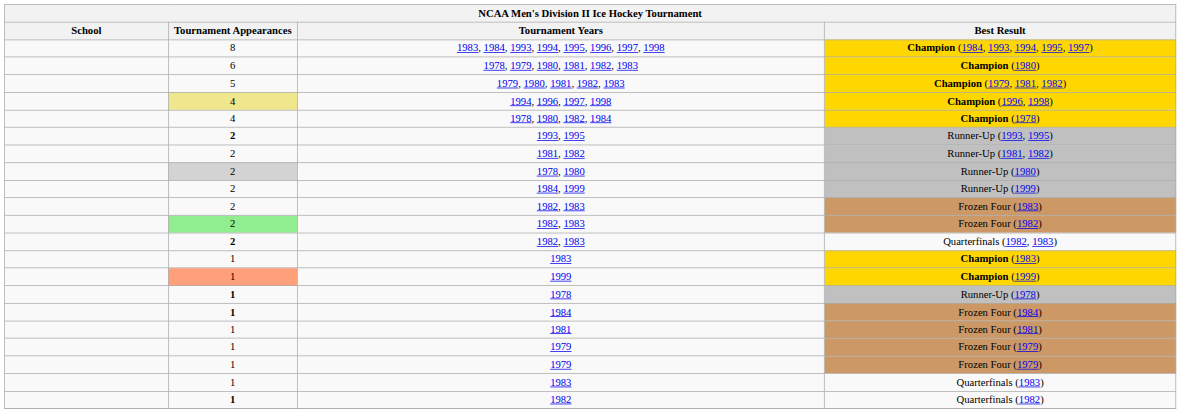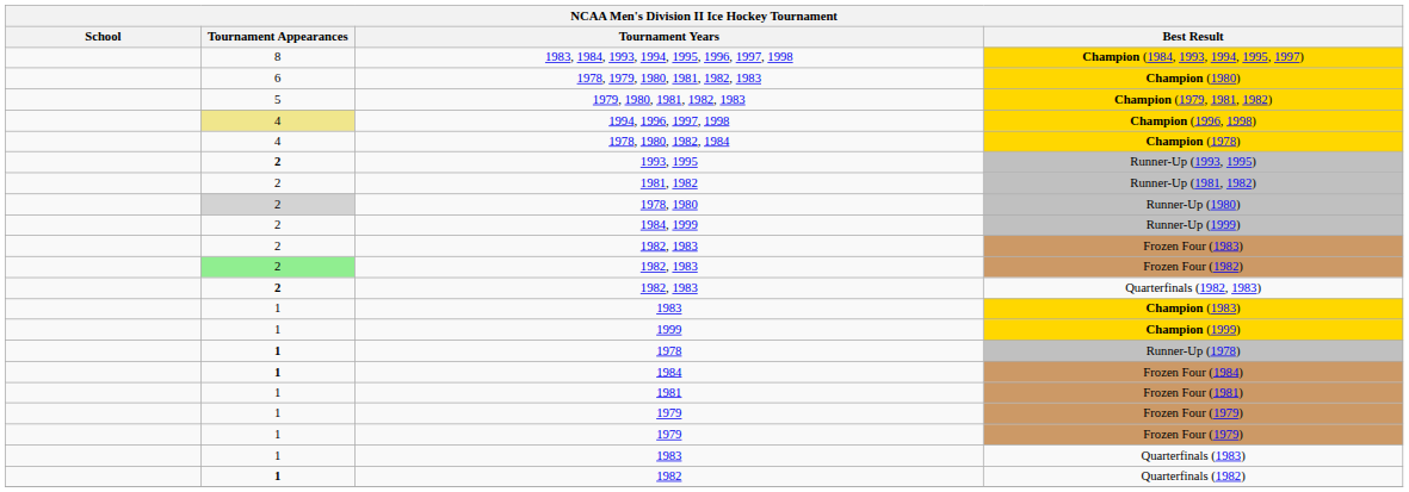 <table class="wikitable sortable" style="font-size:90%; width: 100%; text-align: center;">
 <tr>
 <th colspan=9>NCAA Men's Division II Ice Hockey Tournament</th>
 </tr>
 <tr>
 <th width=14%>School</th>
 <th width=11%>Tournament Appearances</th>
 <th width=45%>Tournament Years</th>
 <th width=30%>Best Result</th>
 </tr>
 <tr>
 <td align=center><strong><a href='#'></a></strong></td>
 <td>8</td>
 <td><a href='#'>1983</a>, <a href='#'>1984</a>, <a href='#'>1993</a>, <a href='#'>1994</a>, <a href='#'>1995</a>, <a href='#'>1996</a>, <a href='#'>1997</a>, <a href='#'>1998</a></td>
 <td bgcolor=gold><strong>Champion</strong> (<a href='#'>1984</a>, <a href='#'>1993</a>, <a href='#'>1994</a>, <a href='#'>1995</a>, <a href='#'>1997</a>)</td>
 </tr>
 <tr>
 <td align=center><strong></strong></td>
 <td>6</td>
 <td><a href='#'>1978</a>, <a href='#'>1979</a>, <a href='#'>1980</a>, <a href='#'>1981</a>, <a href='#'>1982</a>, <a href='#'>1983</a></td>
 <td bgcolor=gold><strong>Champion</strong> (<a href='#'>1980</a>)</td>
 </tr>
 <tr>
 <td align=center><strong><a href='#'></a></strong></td>
 <td>5</td>
 <td><a href='#'>1979</a>, <a href='#'>1980</a>, <a href='#'>1981</a>, <a href='#'>1982</a>, <a href='#'>1983</a></td>
 <td bgcolor=gold><strong>Champion</strong> (<a href='#'>1979</a>, <a href='#'>1981</a>, <a href='#'>1982</a>)</td>
 </tr>
 <tr>
 <td align=center><strong><a href='#'></a></strong></td>
 <td style="background: khaki;">4</td>
 <td><a href='#'>1994</a>, <a href='#'>1996</a>, <a href='#'>1997</a>, <a href='#'>1998</a></td>
 <td bgcolor=gold><strong>Champion</strong> (<a href='#'>1996</a>, <a href='#'>1998</a>)</td>
 </tr>
 <tr>
 <td align=center><strong></strong></td>
 <td>4</td>
 <td><a href='#'>1978</a>, <a href='#'>1980</a>, <a href='#'>1982</a>, <a href='#'>1984</a></td>
 <td bgcolor=gold><strong>Champion</strong> (<a href='#'>1978</a>)</td>
 </tr>
 <tr>
 <td align=center><strong><a href='#'></a></strong></td>
 <td><strong>2</strong></td>
 <td><a href='#'>1993</a>, <a href='#'>1995</a></td>
 <td bgcolor=silver>Runner-Up (<a href='#'>1993</a>, <a href='#'>1995</a>)</td>
 </tr>
 <tr>
 <td align=center><strong><a href='#'></a></strong></td>
 <td>2</td>
 <td><a href='#'>1981</a>, <a href='#'>1982</a></td>
 <td bgcolor=silver>Runner-Up (<a href='#'>1981</a>, <a href='#'>1982</a>)</td>
 </tr>
 <tr>
 <td align=center><strong><a href='#'></a></strong></td>
 <td style="background: lightgrey;">2</td>
 <td><a href='#'>1978</a>, <a href='#'>1980</a></td>
 <td bgcolor=silver>Runner-Up (<a href='#'>1980</a>)</td>
 </tr>
 <tr>
 <td align=center><strong></strong></td>
 <td>2</td>
 <td><a href='#'>1984</a>, <a href='#'>1999</a></td>
 <td bgcolor=silver>Runner-Up (<a href='#'>1999</a>)</td>
 </tr>
 <tr>
 <td align=center><strong><a href='#'></a></strong></td>
 <td>2</td>
 <td><a href='#'>1982</a>, <a href='#'>1983</a></td>
 <td bgcolor=cc9966>Frozen Four (<a href='#'>1983</a>)</td>
 </tr>
 <tr>
 <td align=center><strong></strong></td>
 <td style="background: lightgreen;">2</td>
 <td><a href='#'>1982</a>, <a href='#'>1983</a></td>
 <td bgcolor=cc9966>Frozen Four (<a href='#'>1982</a>)</td>
 </tr>
 <tr>
 <td align=center><strong></strong></td>
 <td><strong>2</strong></td>
 <td><a href='#'>1982</a>, <a href='#'>1983</a></td>
 <td>Quarterfinals (<a href='#'>1982</a>, <a href='#'>1983</a>)</td>
 </tr>
 <tr>
 <td align=center><strong><a href='#'></a></strong></td>
 <td>1</td>
 <td><a href='#'>1983</a></td>
 <td bgcolor=gold><strong>Champion</strong> (<a href='#'>1983</a>)</td>
 </tr>
 <tr>
 <td align=center><strong></strong></td>
-<td style="background: lightsalmon;">1</td>
+<td>1</td>
 <td><a href='#'>1999</a></td>
 <td bgcolor=gold><strong>Champion</strong> (<a href='#'>1999</a>)</td>
 </tr>
 <tr>
 <td align=center><strong><a href='#'></a></strong></td>
 <td><strong>1</strong></td>
 <td><a href='#'>1978</a></td>
 <td bgcolor=silver>Runner-Up (<a href='#'>1978</a>)</td>
 </tr>
 <tr>
 <td align=center><strong></strong></td>
 <td><strong>1</strong></td>
 <td><a href='#'>1984</a></td>
 <td bgcolor=cc9966>Frozen Four (<a href='#'>1984</a>)</td>
 </tr>
 <tr>
 <td align=center><strong></strong></td>
 <td>1</td>
 <td><a href='#'>1981</a></td>
 <td bgcolor=cc9966>Frozen Four (<a href='#'>1981</a>)</td>
 </tr>
 <tr>
 <td align=center><strong><a href='#'></a></strong></td>
 <td>1</td>
 <td><a href='#'>1979</a></td>
 <td bgcolor=cc9966>Frozen Four (<a href='#'>1979</a>)</td>
 </tr>
 <tr>
 <td align=center><strong><a href='#'></a></strong></td>
 <td>1</td>
 <td><a href='#'>1979</a></td>
 <td bgcolor=cc9966>Frozen Four (<a href='#'>1979</a>)</td>
 </tr>
 <tr>
 <td align=center><strong><a href='#'></a></strong></td>
 <td>1</td>
 <td><a href='#'>1983</a></td>
 <td>Quarterfinals (<a href='#'>1983</a>)</td>
 </tr>
 <tr>
 <td align=center><strong></strong></td>
 <td><strong>1</strong></td>
 <td><a href='#'>1982</a></td>
 <td>Quarterfinals (<a href='#'>1982</a>)</td>
 </tr>
 <tr>
 </tr>
 </table>
